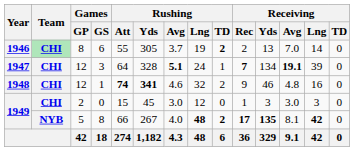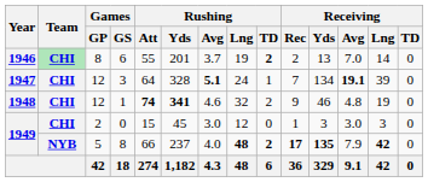 <table class="wikitable" style="text-align:center;">
 <tr>
 <th rowspan="2">Year</th>
 <th rowspan="2">Team</th>
 <th colspan="2">Games</th>
 <th colspan="5">Rushing</th>
 <th colspan="5">Receiving</th>
 </tr>
 <tr>
 <th>GP</th>
 <th>GS</th>
 <th>Att</th>
 <th>Yds</th>
 <th>Avg</th>
 <th>Lng</th>
 <th>TD</th>
 <th>Rec</th>
 <th>Yds</th>
 <th>Avg</th>
 <th>Lng</th>
 <th>TD</th>
 </tr>
 <tr>
 <th><a href='#'>1946</a></th>
 <th style="background:#afe6ba; width:3em;"><a href='#'>CHI</a></th>
 <td>8</td>
 <td>6</td>
 <td>55</td>
-<td>305</td>
+<td>201</td>
 <td>3.7</td>
 <td>19</td>
 <td><strong>2</strong></td>
 <td>2</td>
 <td>13</td>
 <td>7.0</td>
 <td>14</td>
 <td>0</td>
 </tr>
 <tr>
 <th><a href='#'>1947</a></th>
 <th><a href='#'>CHI</a></th>
 <td>12</td>
 <td>3</td>
 <td>64</td>
 <td>328</td>
 <td><strong>5.1</strong></td>
 <td>24</td>
 <td>1</td>
-<td><strong>7</strong></td>
+<td>7</td>
 <td>134</td>
 <td><strong>19.1</strong></td>
 <td>39</td>
 <td>0</td>
 </tr>
 <tr>
 <th><a href='#'>1948</a></th>
 <th><a href='#'>CHI</a></th>
 <td>12</td>
 <td>1</td>
 <td><strong>74</strong></td>
 <td><strong>341</strong></td>
 <td>4.6</td>
 <td>32</td>
 <td>2</td>
 <td>9</td>
 <td>46</td>
 <td>4.8</td>
-<td>16</td>
+<td>19</td>
 <td>0</td>
 </tr>
 <tr>
 <th rowspan="2"><a href='#'>1949</a></th>
 <th><a href='#'>CHI</a></th>
 <td>2</td>
 <td>0</td>
 <td>15</td>
 <td>45</td>
 <td>3.0</td>
 <td>12</td>
 <td>0</td>
 <td>1</td>
 <td>3</td>
 <td>3.0</td>
 <td>3</td>
 <td>0</td>
 </tr>
 <tr>
 <th><a href='#'>NYB</a></th>
 <td>5</td>
 <td>8</td>
 <td>66</td>
-<td>267</td>
+<td>237</td>
 <td>4.0</td>
 <td><strong>48</strong></td>
 <td><strong>2</strong></td>
 <td><strong>17</strong></td>
 <td><strong>135</strong></td>
-<td>8.1</td>
+<td>7.9</td>
 <td><strong>42</strong></td>
 <td>0</td>
 </tr>
 <tr>
 <th colspan="2"></th>
 <th>42</th>
 <th>18</th>
 <th>274</th>
 <th>1,182</th>
 <th>4.3</th>
 <th>48</th>
 <th>6</th>
 <th>36</th>
 <th>329</th>
 <th>9.1</th>
 <th>42</th>
 <th>0</th>
 </tr>
 </table>
